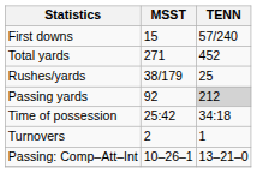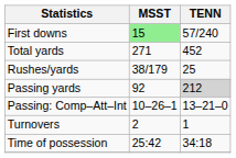 <table class="wikitable" style="float: left;">
 <tr>
 <th>Statistics</th>
 <th>MSST</th>
 <th>TENN</th>
 </tr>
 <tr>
 <td>First downs</td>
-<td>15</td>
+<td style="background: lightgreen;">15</td>
 <td>57/240</td>
 </tr>
 <tr>
 <td>Total yards</td>
 <td>271</td>
 <td>452</td>
 </tr>
 <tr>
 <td>Rushes/yards</td>
 <td>38/179</td>
 <td>25</td>
 </tr>
 <tr>
 <td>Passing yards</td>
 <td>92</td>
 <td style="background: lightgrey;">212</td>
 </tr>
 <tr>
-<td>Time of possession</td>
-<td>25:42</td>
-<td>34:18</td>
+<td>Passing: Comp–Att–Int</td>
+<td>10–26–1</td>
+<td>13–21–0</td>
 </tr>
 <tr>
 <td>Turnovers</td>
 <td>2</td>
 <td>1</td>
 </tr>
 <tr>
-<td>Passing: Comp–Att–Int</td>
-<td>10–26–1</td>
-<td>13–21–0</td>
+<td>Time of possession</td>
+<td>25:42</td>
+<td>34:18</td>
 </tr>
 <tr>
 </tr>
 </table>
